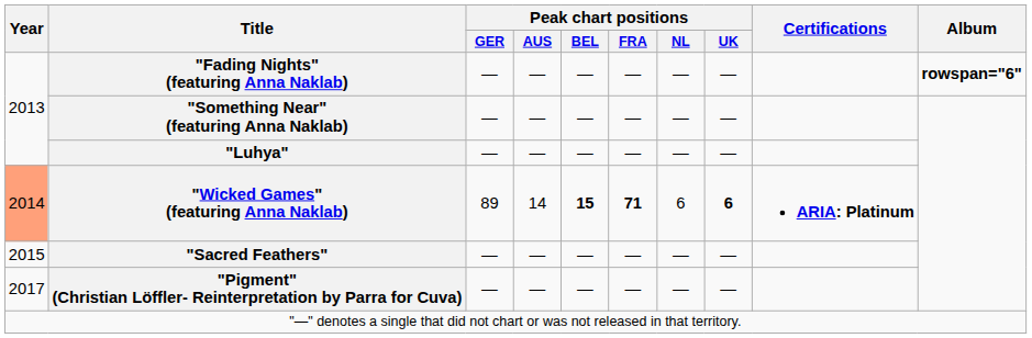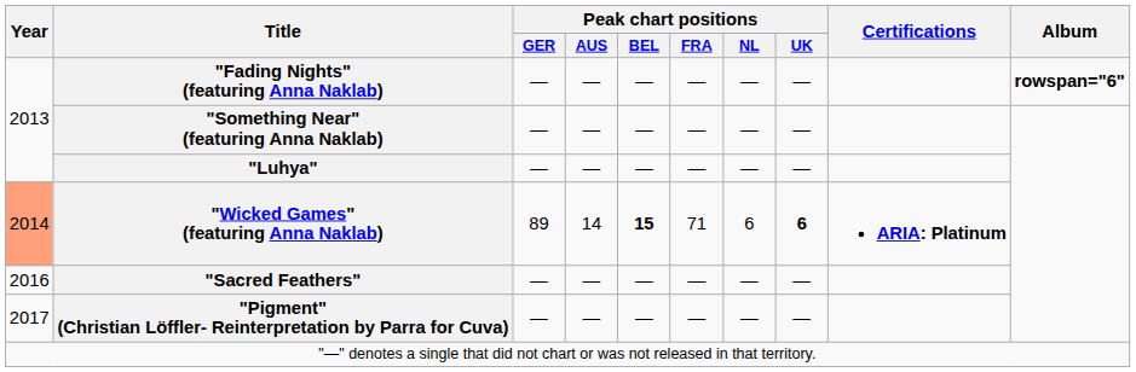 <table class="wikitable plainrowheaders" style="text-align:center;">
 <tr>
 <th scope="col" rowspan="2">Year</th>
 <th scope="col" rowspan="2">Title</th>
 <th scope="col" colspan="6">Peak chart positions</th>
 <th scope="col" rowspan="2"><a href='#'>Certifications</a></th>
 <th scope="col" rowspan="2">Album</th>
 </tr>
 <tr>
 <th scope="col" style="width:3em;font-size:85%;"><a href='#'>GER</a><br></th>
 <th scope="col" style="width:3em;font-size:85%;"><a href='#'>AUS</a><br></th>
 <th scope="col" style="width:3em;font-size:85%;"><a href='#'>BEL</a><br></th>
 <th scope="col" style="width:3em;font-size:85%;"><a href='#'>FRA</a><br></th>
 <th scope="col" style="width:3em;font-size:85%;"><a href='#'>NL</a><br></th>
 <th scope="col" style="width:3em;font-size:85%;"><a href='#'>UK</a><br></th>
 </tr>
 <tr>
 <td rowspan="3">2013</td>
 <th scope="row">"Fading Nights"<br><span>(featuring <a href='#'>Anna Naklab</a>)</span></th>
 <td>—</td>
 <td>—</td>
 <td>—</td>
 <td>—</td>
 <td>—</td>
 <td>—</td>
 <td></td>
 <td><strong>rowspan="6" </strong></td>
 </tr>
 <tr>
 <th scope="row">"Something Near"<br><span>(featuring Anna Naklab)</span></th>
 <td>—</td>
 <td>—</td>
 <td>—</td>
 <td>—</td>
 <td>—</td>
 <td>—</td>
 <td></td>
 </tr>
 <tr>
 <th scope="row">"Luhya"</th>
 <td>—</td>
 <td>—</td>
 <td>—</td>
 <td>—</td>
 <td>—</td>
 <td>—</td>
 <td></td>
 </tr>
 <tr>
 <td style="background: lightsalmon;">2014</td>
 <th scope="row">"<a href='#'>Wicked Games</a>"<br><span>(featuring <a href='#'>Anna Naklab</a>)</span></th>
 <td>89</td>
 <td>14</td>
 <td><strong>15</strong></td>
-<td><strong>71</strong></td>
+<td>71</td>
 <td>6</td>
 <td><strong>6</strong></td>
 <td><strong><br><ul><li><a href='#'>ARIA</a>: Platinum</li></ul></strong></td>
 </tr>
 <tr>
-<td>2015</td>
+<td>2016</td>
 <th scope="row">"Sacred Feathers"</th>
 <td>—</td>
 <td>—</td>
 <td>—</td>
 <td>—</td>
 <td>—</td>
 <td>—</td>
 <td></td>
 </tr>
 <tr>
 <td>2017</td>
 <th scope="row">"Pigment" <br><span>(Christian Löffler- Reinterpretation by Parra for Cuva)</span></th>
 <td>—</td>
 <td>—</td>
 <td>—</td>
 <td>—</td>
 <td>—</td>
 <td>—</td>
 <td></td>
 </tr>
 <tr>
 <td colspan="18" style="font-size:85%">"—" denotes a single that did not chart or was not released in that territory.</td>
 </tr>
 </table>
